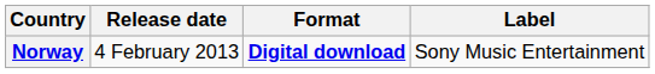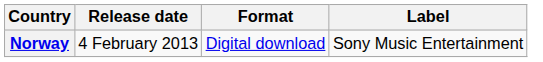 <table class="wikitable plainrowheaders">
 <tr>
 <th scope="col">Country</th>
 <th scope="col">Release date</th>
 <th scope="col">Format</th>
 <th scope="col">Label</th>
 </tr>
 <tr>
 <th scope="row"><a href='#'>Norway</a></th>
 <td>4 February 2013</td>
-<td><strong><a href='#'>Digital download</a></strong></td>
+<td><a href='#'>Digital download</a></td>
 <td>Sony Music Entertainment</td>
 </tr>
 <tr>
 </tr>
 </table>
